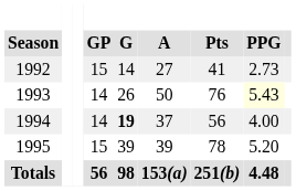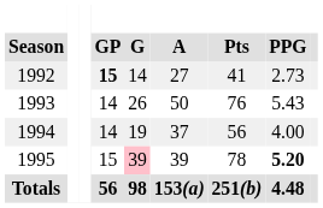 <table BORDER="0" CELLPADDING="3" CELLSPACING="0">
 <tr ALIGN="center" bgcolor="#e0e0e0">
 <th colspan="1" bgcolor="#ffffff"> </th>
 <th rowspan="99" bgcolor="#ffffff"> </th>
 <th rowspan="99" bgcolor="#ffffff"> </th>
 </tr>
 <tr ALIGN="center" bgcolor="#e0e0e0">
 <th>Season</th>
 <th>GP</th>
 <th>G</th>
 <th>A</th>
 <th>Pts</th>
 <th>PPG</th>
 <th></th>
 </tr>
 <tr ALIGN="center" bgcolor="#f0f0f0">
 <td>1992</td>
-<td>15</td>
+<td><strong>15</strong></td>
 <td>14</td>
 <td>27</td>
 <td>41</td>
 <td>2.73</td>
 <td></td>
 </tr>
 <tr ALIGN="center">
 <td>1993</td>
 <td>14</td>
 <td>26</td>
 <td>50</td>
 <td>76</td>
-<td style="background: lightyellow;">5.43</td>
+<td>5.43</td>
 <td></td>
 </tr>
 <tr ALIGN="center" bgcolor="#f0f0f0">
 <td>1994</td>
 <td>14</td>
-<td><strong>19</strong></td>
+<td>19</td>
 <td>37</td>
 <td>56</td>
 <td>4.00</td>
 <td></td>
 </tr>
 <tr ALIGN="center">
 <td>1995</td>
 <td>15</td>
-<td>39</td>
+<td style="background: pink;">39</td>
 <td>39</td>
 <td>78</td>
-<td>5.20</td>
+<td><strong>5.20</strong></td>
 <td></td>
 </tr>
 <tr ALIGN="center" bgcolor="#e0e0e0">
 <th colspan="1.5">Totals</th>
 <th>56</th>
 <th>98</th>
 <th>153<em>(a)</em></th>
 <th>251<em>(b)</em></th>
 <th>4.48</th>
 <th></th>
 </tr>
 </table>
